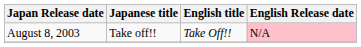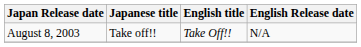 <table class="wikitable">
 <tr>
 <th>Japan Release date</th>
 <th>Japanese title</th>
 <th>English title</th>
 <th>English Release date</th>
 </tr>
 <tr>
 <td>August 8, 2003</td>
 <td>Take off!!</td>
 <td><em>Take Off!!</em></td>
-<td style="background: pink;">N/A</td>
+<td>N/A</td>
 </tr>
 <tr>
 </tr>
 </table>
